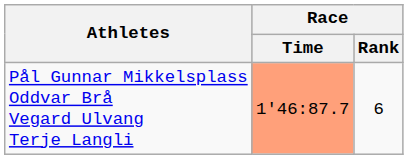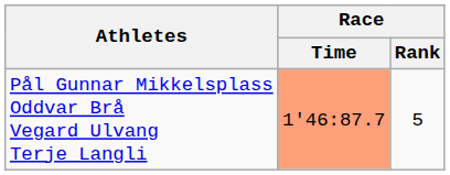 <table class="wikitable" border="1" style="font-size:90%">
 <tr>
 <th rowspan=2>Athletes</th>
 <th colspan=2>Race</th>
 </tr>
 <tr>
 <th>Time</th>
 <th>Rank</th>
 </tr>
 <tr>
 <td><a href='#'>Pål Gunnar Mikkelsplass</a><br><a href='#'>Oddvar Brå</a><br><a href='#'>Vegard Ulvang</a><br><a href='#'>Terje Langli</a></td>
 <td align=center style="background: lightsalmon;">1'46:87.7</td>
-<td align=center>6</td>
+<td align=center>5</td>
 </tr>
 </table>
